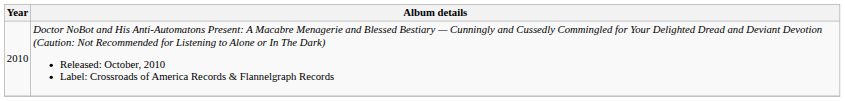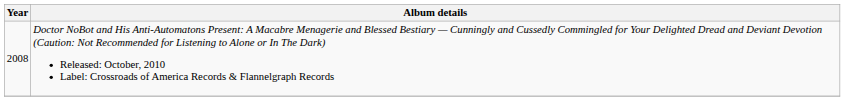 <table class="wikitable">
 <tr>
 <th>Year</th>
 <th>Album details</th>
 </tr>
 <tr>
-<td align="center">2010</td>
+<td align="center">2008</td>
 <td><em>Doctor NoBot and His Anti-Automatons Present: A Macabre Menagerie and Blessed Bestiary — Cunningly and Cussedly Commingled for Your Delighted Dread and Deviant Devotion (Caution: Not Recommended for Listening to Alone or In The Dark)</em><br><ul><li>Released: October, 2010</li><li>Label: Crossroads of America Records & Flannelgraph Records</li></ul></td>
 </tr>
 <tr>
 </tr>
 </table>
